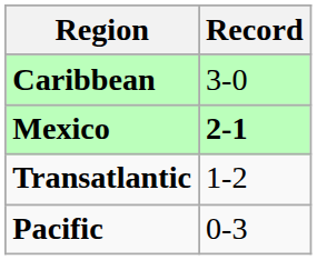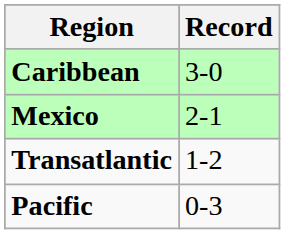 <table class="wikitable">
 <tr>
 <th>Region</th>
 <th>Record</th>
 </tr>
 <tr bgcolor=#bbffbb>
 <td><strong>Caribbean</strong></td>
 <td>3-0</td>
 </tr>
 <tr bgcolor=#bbffbb>
 <td><strong>Mexico</strong></td>
-<td><strong>2-1</strong></td>
+<td>2-1</td>
 </tr>
 <tr>
 <td><strong>Transatlantic</strong></td>
 <td>1-2</td>
 </tr>
 <tr>
 <td><strong>Pacific</strong></td>
 <td>0-3</td>
 </tr>
 </table>
